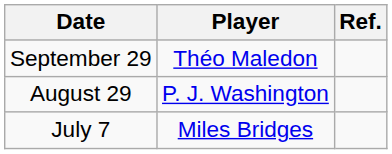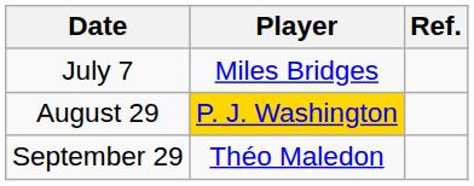 <table class="wikitable sortable sortable" style="text-align: center">
 <tr>
 <th>Date</th>
 <th>Player</th>
 <th>Ref.</th>
 </tr>
 <tr>
+<td>July 7</td>
+<td><a href='#'>Miles Bridges</a></td>
+<td></td>
+</tr>
+<tr>
+<td>August 29</td>
+<td style="background: gold;"><a href='#'>P. J. Washington</a></td>
+<td></td>
+</tr>
+<tr>
 <td>September 29</td>
 <td><a href='#'>Théo Maledon</a></td>
 <td></td>
 </tr>
-<tr>
-<td>August 29</td>
-<td><a href='#'>P. J. Washington</a></td>
-<td></td>
-</tr>
-<tr>
-<td>July 7</td>
-<td><a href='#'>Miles Bridges</a></td>
-<td></td>
-</tr>
 </table>
